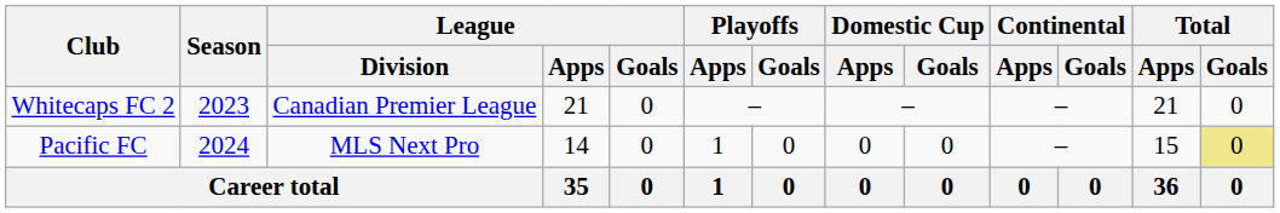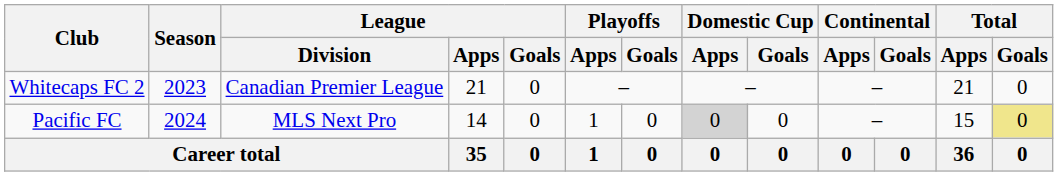 <table class="wikitable" style="text-align: center">
 <tr>
 <th rowspan="2">Club</th>
 <th rowspan="2">Season</th>
 <th colspan="3">League</th>
 <th colspan="2">Playoffs</th>
 <th colspan="2">Domestic Cup</th>
 <th colspan="2">Continental</th>
 <th colspan="2">Total</th>
 </tr>
 <tr>
 <th>Division</th>
 <th>Apps</th>
 <th>Goals</th>
 <th>Apps</th>
 <th>Goals</th>
 <th>Apps</th>
 <th>Goals</th>
 <th>Apps</th>
 <th>Goals</th>
 <th>Apps</th>
 <th>Goals</th>
 </tr>
 <tr>
 <td><a href='#'>Whitecaps FC 2</a></td>
 <td><a href='#'>2023</a></td>
 <td><a href='#'>Canadian Premier League</a></td>
 <td>21</td>
 <td>0</td>
 <td colspan="2">–</td>
 <td colspan="2">–</td>
 <td colspan="2">–</td>
 <td>21</td>
 <td>0</td>
 </tr>
 <tr>
 <td><a href='#'>Pacific FC</a></td>
 <td><a href='#'>2024</a></td>
 <td><a href='#'>MLS Next Pro</a></td>
 <td>14</td>
 <td>0</td>
 <td>1</td>
 <td>0</td>
-<td>0</td>
+<td style="background: lightgrey;">0</td>
 <td>0</td>
 <td colspan="2">–</td>
 <td>15</td>
 <td style="background: khaki;">0</td>
 </tr>
 <tr>
 <th colspan="3"><strong>Career total</strong></th>
 <th>35</th>
 <th>0</th>
 <th>1</th>
 <th>0</th>
 <th>0</th>
 <th>0</th>
 <th>0</th>
 <th>0</th>
 <th>36</th>
 <th>0</th>
 </tr>
 </table>
